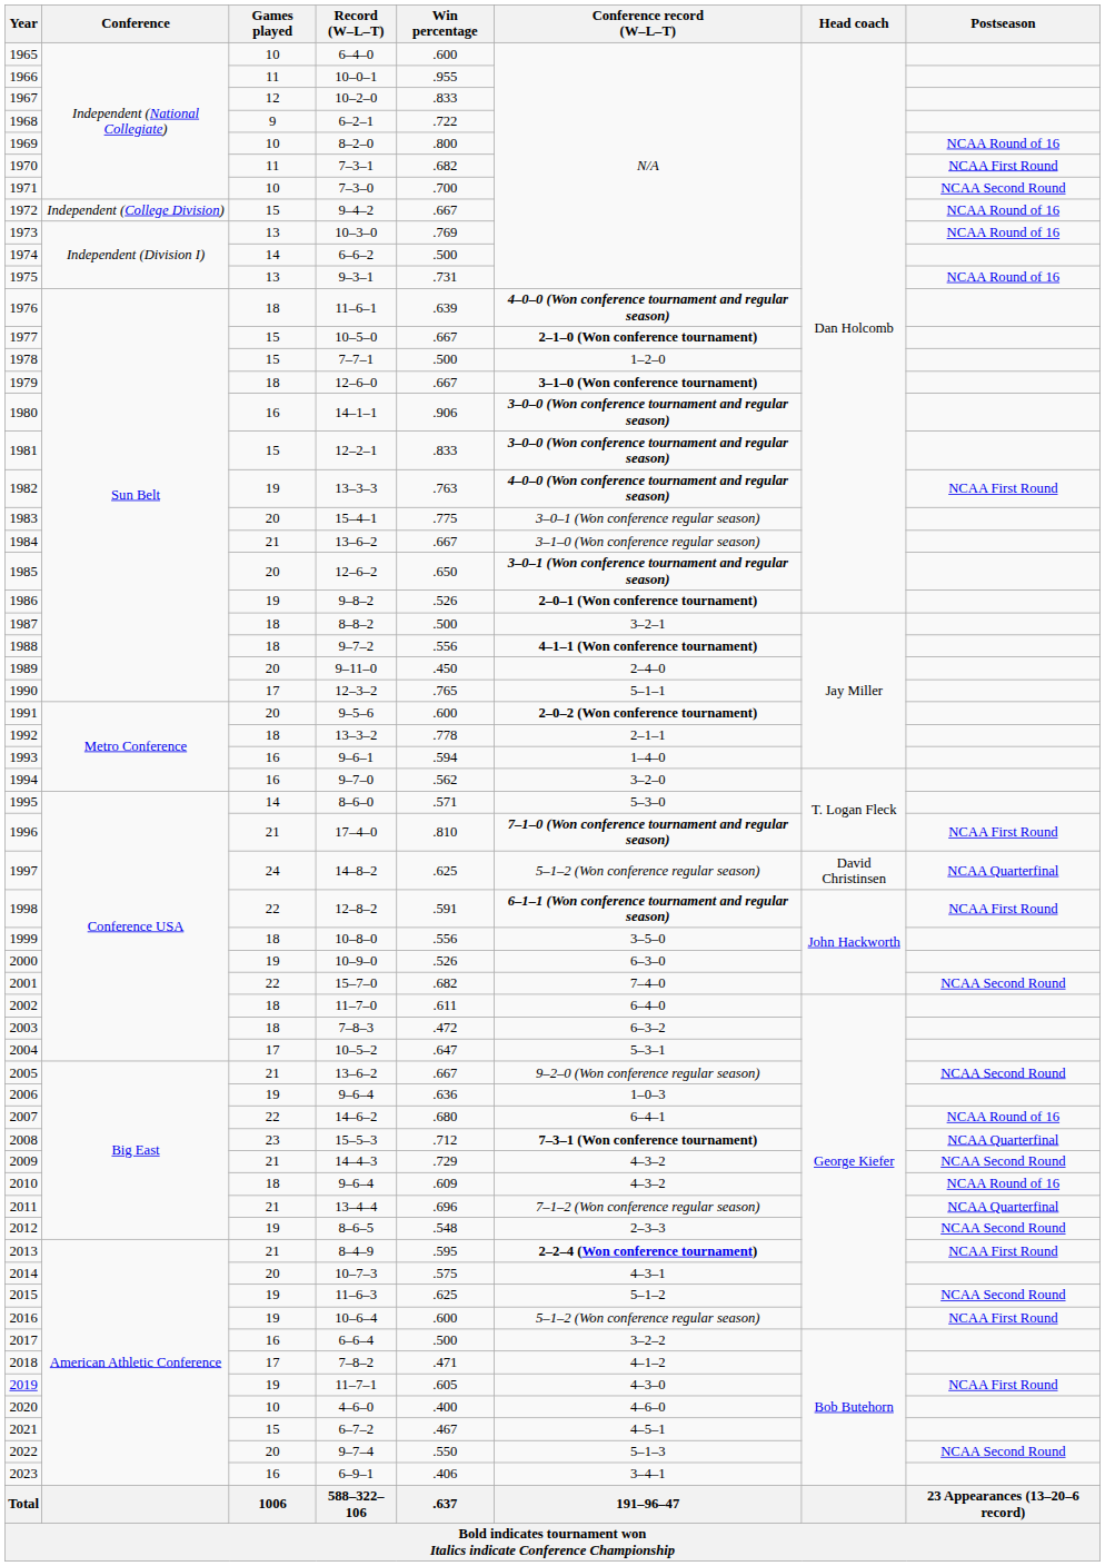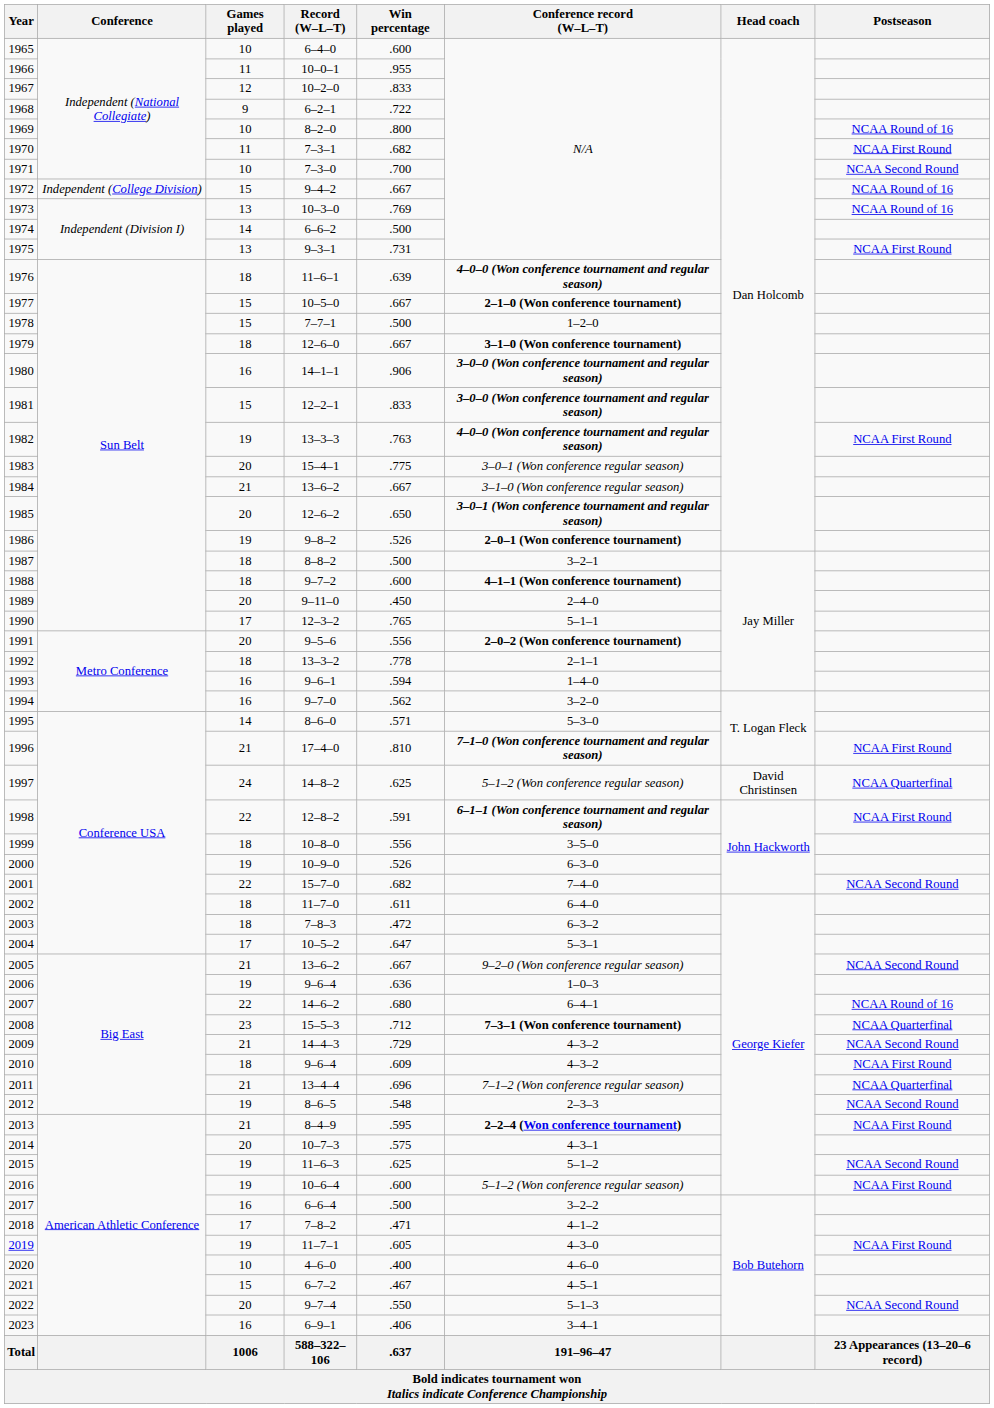 <table class="wikitable sortable" style="text-align:center;">
 <tr>
 <th style="text-align:center;">Year</th>
 <th style="text-align:center;">Conference</th>
 <th style="text-align:center;">Games played</th>
 <th style="text-align:center;">Record<br>(W–L–T)</th>
 <th style="text-align:center;">Win percentage</th>
 <th style="text-align:center;">Conference record<br>(W–L–T)</th>
 <th style="text-align:center;">Head coach</th>
 <th style="text-align:center;">Postseason</th>
 </tr>
 <tr>
 <td>1965</td>
 <td rowspan="7"><em>Independent (<a href='#'>National Collegiate</a>)</em></td>
 <td>10</td>
 <td>6–4–0</td>
 <td>.600</td>
 <td rowspan="11"><em>N/A</em></td>
 <td rowspan="22">Dan Holcomb</td>
 <td></td>
 </tr>
 <tr>
 <td>1966</td>
 <td>11</td>
 <td>10–0–1</td>
 <td>.955</td>
 <td></td>
 </tr>
 <tr>
 <td>1967</td>
 <td>12</td>
 <td>10–2–0</td>
 <td>.833</td>
 <td></td>
 </tr>
 <tr>
 <td>1968</td>
 <td>9</td>
 <td>6–2–1</td>
 <td>.722</td>
 <td></td>
 </tr>
 <tr>
 <td>1969</td>
 <td>10</td>
 <td>8–2–0</td>
 <td>.800</td>
 <td><a href='#'>NCAA Round of 16</a></td>
 </tr>
 <tr>
 <td>1970</td>
 <td>11</td>
 <td>7–3–1</td>
 <td>.682</td>
 <td><a href='#'>NCAA First Round</a></td>
 </tr>
 <tr>
 <td>1971</td>
 <td>10</td>
 <td>7–3–0</td>
 <td>.700</td>
 <td><a href='#'>NCAA Second Round</a></td>
 </tr>
 <tr>
 <td>1972</td>
 <td><em>Independent (<a href='#'>College Division</a>)</em></td>
 <td>15</td>
 <td>9–4–2</td>
 <td>.667</td>
 <td><a href='#'>NCAA Round of 16</a></td>
 </tr>
 <tr>
 <td>1973</td>
 <td rowspan="3"><em>Independent (Division I)</em></td>
 <td>13</td>
 <td>10–3–0</td>
 <td>.769</td>
 <td><a href='#'>NCAA Round of 16</a></td>
 </tr>
 <tr>
 <td>1974</td>
 <td>14</td>
 <td>6–6–2</td>
 <td>.500</td>
 <td></td>
 </tr>
 <tr>
 <td>1975</td>
 <td>13</td>
 <td>9–3–1</td>
 <td>.731</td>
-<td><a href='#'>NCAA Round of 16</a></td>
+<td><a href='#'>NCAA First Round</a></td>
 </tr>
 <tr>
 <td>1976</td>
 <td rowspan="15"><a href='#'>Sun Belt</a></td>
 <td>18</td>
 <td>11–6–1</td>
 <td>.639</td>
 <td><strong><em>4–0–0 (Won conference tournament and regular season)</em></strong></td>
 <td></td>
 </tr>
 <tr>
 <td>1977</td>
 <td>15</td>
 <td>10–5–0</td>
 <td>.667</td>
 <td><strong>2–1–0 (Won conference tournament)</strong></td>
 <td></td>
 </tr>
 <tr>
 <td>1978</td>
 <td>15</td>
 <td>7–7–1</td>
 <td>.500</td>
 <td>1–2–0</td>
 <td></td>
 </tr>
 <tr>
 <td>1979</td>
 <td>18</td>
 <td>12–6–0</td>
 <td>.667</td>
 <td><strong>3–1–0 (Won conference tournament)</strong></td>
 <td></td>
 </tr>
 <tr>
 <td>1980</td>
 <td>16</td>
 <td>14–1–1</td>
 <td>.906</td>
 <td><strong><em>3–0–0 (Won conference tournament and regular season)</em></strong></td>
 <td></td>
 </tr>
 <tr>
 <td>1981</td>
 <td>15</td>
 <td>12–2–1</td>
 <td>.833</td>
 <td><strong><em>3–0–0 (Won conference tournament and regular season)</em></strong></td>
 <td></td>
 </tr>
 <tr>
 <td>1982</td>
 <td>19</td>
 <td>13–3–3</td>
 <td>.763</td>
 <td><strong><em>4–0–0 (Won conference tournament and regular season)</em></strong></td>
 <td><a href='#'>NCAA First Round</a></td>
 </tr>
 <tr>
 <td>1983</td>
 <td>20</td>
 <td>15–4–1</td>
 <td>.775</td>
 <td><em>3–0–1 (Won conference regular season)</em></td>
 <td></td>
 </tr>
 <tr>
 <td>1984</td>
 <td>21</td>
 <td>13–6–2</td>
 <td>.667</td>
 <td><em>3–1–0 (Won conference regular season)</em></td>
 <td></td>
 </tr>
 <tr>
 <td>1985</td>
 <td>20</td>
 <td>12–6–2</td>
 <td>.650</td>
 <td><strong><em>3–0–1 (Won conference tournament and regular season)</em></strong></td>
 <td></td>
 </tr>
 <tr>
 <td>1986</td>
 <td>19</td>
 <td>9–8–2</td>
 <td>.526</td>
 <td><strong>2–0–1 (Won conference tournament)</strong></td>
 <td></td>
 </tr>
 <tr>
 <td>1987</td>
 <td>18</td>
 <td>8–8–2</td>
 <td>.500</td>
 <td>3–2–1</td>
 <td rowspan="7">Jay Miller</td>
 <td></td>
 </tr>
 <tr>
 <td>1988</td>
 <td>18</td>
 <td>9–7–2</td>
-<td>.556</td>
+<td>.600</td>
 <td><strong>4–1–1 (Won conference tournament)</strong></td>
 <td></td>
 </tr>
 <tr>
 <td>1989</td>
 <td>20</td>
 <td>9–11–0</td>
 <td>.450</td>
 <td>2–4–0</td>
 <td></td>
 </tr>
 <tr>
 <td>1990</td>
 <td>17</td>
 <td>12–3–2</td>
 <td>.765</td>
 <td>5–1–1</td>
 <td></td>
 </tr>
 <tr>
 <td>1991</td>
 <td rowspan="4"><a href='#'>Metro Conference</a></td>
 <td>20</td>
 <td>9–5–6</td>
-<td>.600</td>
+<td>.556</td>
 <td><strong>2–0–2 (Won conference tournament)</strong></td>
 <td></td>
 </tr>
 <tr>
 <td>1992</td>
 <td>18</td>
 <td>13–3–2</td>
 <td>.778</td>
 <td>2–1–1</td>
 <td></td>
 </tr>
 <tr>
 <td>1993</td>
 <td>16</td>
 <td>9–6–1</td>
 <td>.594</td>
 <td>1–4–0</td>
 <td></td>
 </tr>
 <tr>
 <td>1994</td>
 <td>16</td>
 <td>9–7–0</td>
 <td>.562</td>
 <td>3–2–0</td>
 <td rowspan="3">T. Logan Fleck</td>
 <td></td>
 </tr>
 <tr>
 <td>1995</td>
 <td rowspan="10"><a href='#'>Conference USA</a></td>
 <td>14</td>
 <td>8–6–0</td>
 <td>.571</td>
 <td>5–3–0</td>
 <td></td>
 </tr>
 <tr>
 <td>1996</td>
 <td>21</td>
 <td>17–4–0</td>
 <td>.810</td>
 <td><strong><em>7–1–0 (Won conference tournament and regular season)</em></strong></td>
 <td><a href='#'>NCAA First Round</a></td>
 </tr>
 <tr>
 <td>1997</td>
 <td>24</td>
 <td>14–8–2</td>
 <td>.625</td>
 <td><em>5–1–2 (Won conference regular season)</em></td>
 <td>David Christinsen</td>
 <td><a href='#'>NCAA Quarterfinal</a></td>
 </tr>
 <tr>
 <td>1998</td>
 <td>22</td>
 <td>12–8–2</td>
 <td>.591</td>
 <td><strong><em>6–1–1 (Won conference tournament and regular season)</em></strong></td>
 <td rowspan="4"><a href='#'>John Hackworth</a></td>
 <td><a href='#'>NCAA First Round</a></td>
 </tr>
 <tr>
 <td>1999</td>
 <td>18</td>
 <td>10–8–0</td>
 <td>.556</td>
 <td>3–5–0</td>
 <td></td>
 </tr>
 <tr>
 <td>2000</td>
 <td>19</td>
 <td>10–9–0</td>
 <td>.526</td>
 <td>6–3–0</td>
 <td></td>
 </tr>
 <tr>
 <td>2001</td>
 <td>22</td>
 <td>15–7–0</td>
 <td>.682</td>
 <td>7–4–0</td>
 <td><a href='#'>NCAA Second Round</a></td>
 </tr>
 <tr>
 <td>2002</td>
 <td>18</td>
 <td>11–7–0</td>
 <td>.611</td>
 <td>6–4–0</td>
 <td rowspan="15"><a href='#'>George Kiefer</a></td>
 <td></td>
 </tr>
 <tr>
 <td>2003</td>
 <td>18</td>
 <td>7–8–3</td>
 <td>.472</td>
 <td>6–3–2</td>
 <td></td>
 </tr>
 <tr>
 <td>2004</td>
 <td>17</td>
 <td>10–5–2</td>
 <td>.647</td>
 <td>5–3–1</td>
 <td></td>
 </tr>
 <tr>
 <td>2005</td>
 <td rowspan="8"><a href='#'>Big East</a></td>
 <td>21</td>
 <td>13–6–2</td>
 <td>.667</td>
 <td><em>9–2–0 (Won conference regular season)</em></td>
 <td><a href='#'>NCAA Second Round</a></td>
 </tr>
 <tr>
 <td>2006</td>
 <td>19</td>
 <td>9–6–4</td>
 <td>.636</td>
 <td>1–0–3</td>
 <td></td>
 </tr>
 <tr>
 <td>2007</td>
 <td>22</td>
 <td>14–6–2</td>
 <td>.680</td>
 <td>6–4–1</td>
 <td><a href='#'>NCAA Round of 16</a></td>
 </tr>
 <tr>
 <td>2008</td>
 <td>23</td>
 <td>15–5–3</td>
 <td>.712</td>
 <td><strong>7–3–1 (Won conference tournament)</strong></td>
 <td><a href='#'>NCAA Quarterfinal</a></td>
 </tr>
 <tr>
 <td>2009</td>
 <td>21</td>
 <td>14–4–3</td>
 <td>.729</td>
 <td>4–3–2</td>
 <td><a href='#'>NCAA Second Round</a></td>
 </tr>
 <tr>
 <td>2010</td>
 <td>18</td>
 <td>9–6–4</td>
 <td>.609</td>
 <td>4–3–2</td>
-<td><a href='#'>NCAA Round of 16</a></td>
+<td><a href='#'>NCAA First Round</a></td>
 </tr>
 <tr>
 <td>2011</td>
 <td>21</td>
 <td>13–4–4</td>
 <td>.696</td>
 <td><em>7–1–2 (Won conference regular season)</em></td>
 <td><a href='#'>NCAA Quarterfinal</a></td>
 </tr>
 <tr>
 <td>2012</td>
 <td>19</td>
 <td>8–6–5</td>
 <td>.548</td>
 <td>2–3–3</td>
 <td><a href='#'>NCAA Second Round</a></td>
 </tr>
 <tr>
 <td>2013</td>
 <td rowspan="11"><a href='#'>American Athletic Conference</a></td>
 <td>21</td>
 <td>8–4–9</td>
 <td>.595</td>
 <td><strong>2–2–4 (<a href='#'>Won conference tournament</a>)</strong></td>
 <td><a href='#'>NCAA First Round</a></td>
 </tr>
 <tr>
 <td>2014</td>
 <td>20</td>
 <td>10–7–3</td>
 <td>.575</td>
 <td>4–3–1</td>
 <td></td>
 </tr>
 <tr>
 <td>2015</td>
 <td>19</td>
 <td>11–6–3</td>
 <td>.625</td>
 <td>5–1–2</td>
 <td><a href='#'>NCAA Second Round</a></td>
 </tr>
 <tr>
 <td>2016</td>
 <td>19</td>
 <td>10–6–4</td>
 <td>.600</td>
 <td><em>5–1–2 (Won conference regular season)</em></td>
 <td><a href='#'>NCAA First Round</a></td>
 </tr>
 <tr>
 <td>2017</td>
 <td>16</td>
 <td>6–6–4</td>
 <td>.500</td>
 <td>3–2–2</td>
 <td rowspan="7"><a href='#'>Bob Butehorn</a></td>
 <td></td>
 </tr>
 <tr>
 <td>2018</td>
 <td>17</td>
 <td>7–8–2</td>
 <td>.471</td>
 <td>4–1–2</td>
 <td></td>
 </tr>
 <tr>
 <td><a href='#'>2019</a></td>
 <td>19</td>
 <td>11–7–1</td>
 <td>.605</td>
 <td>4–3–0</td>
 <td><a href='#'>NCAA First Round</a></td>
 </tr>
 <tr>
 <td>2020</td>
 <td>10</td>
 <td>4–6–0</td>
 <td>.400</td>
 <td>4–6–0</td>
 <td></td>
 </tr>
 <tr>
 <td>2021</td>
 <td>15</td>
 <td>6–7–2</td>
 <td>.467</td>
 <td>4–5–1</td>
 <td></td>
 </tr>
 <tr>
 <td>2022</td>
 <td>20</td>
 <td>9–7–4</td>
 <td>.550</td>
 <td>5–1–3</td>
 <td><a href='#'>NCAA Second Round</a></td>
 </tr>
 <tr>
 <td>2023</td>
 <td>16</td>
 <td>6–9–1</td>
 <td>.406</td>
 <td>3–4–1</td>
 <td></td>
 </tr>
 <tr>
 <th style="text-align:center;">Total</th>
 <th style="text-align:center;"></th>
 <th style="text-align:center;">1006</th>
 <th style="text-align:center;">588–322–106</th>
 <th style="text-align:center;">.637</th>
 <th style="text-align:center;">191–96–47</th>
 <th style="text-align:center;"></th>
 <th style="text-align:center;">23 Appearances (13–20–6 record)</th>
 </tr>
 <tr>
 <th colspan="8" style="text-align:center;"><strong>Bold indicates tournament won</strong><br><strong><em>Italics indicate Conference Championship</em></strong></th>
 </tr>
 </table>
